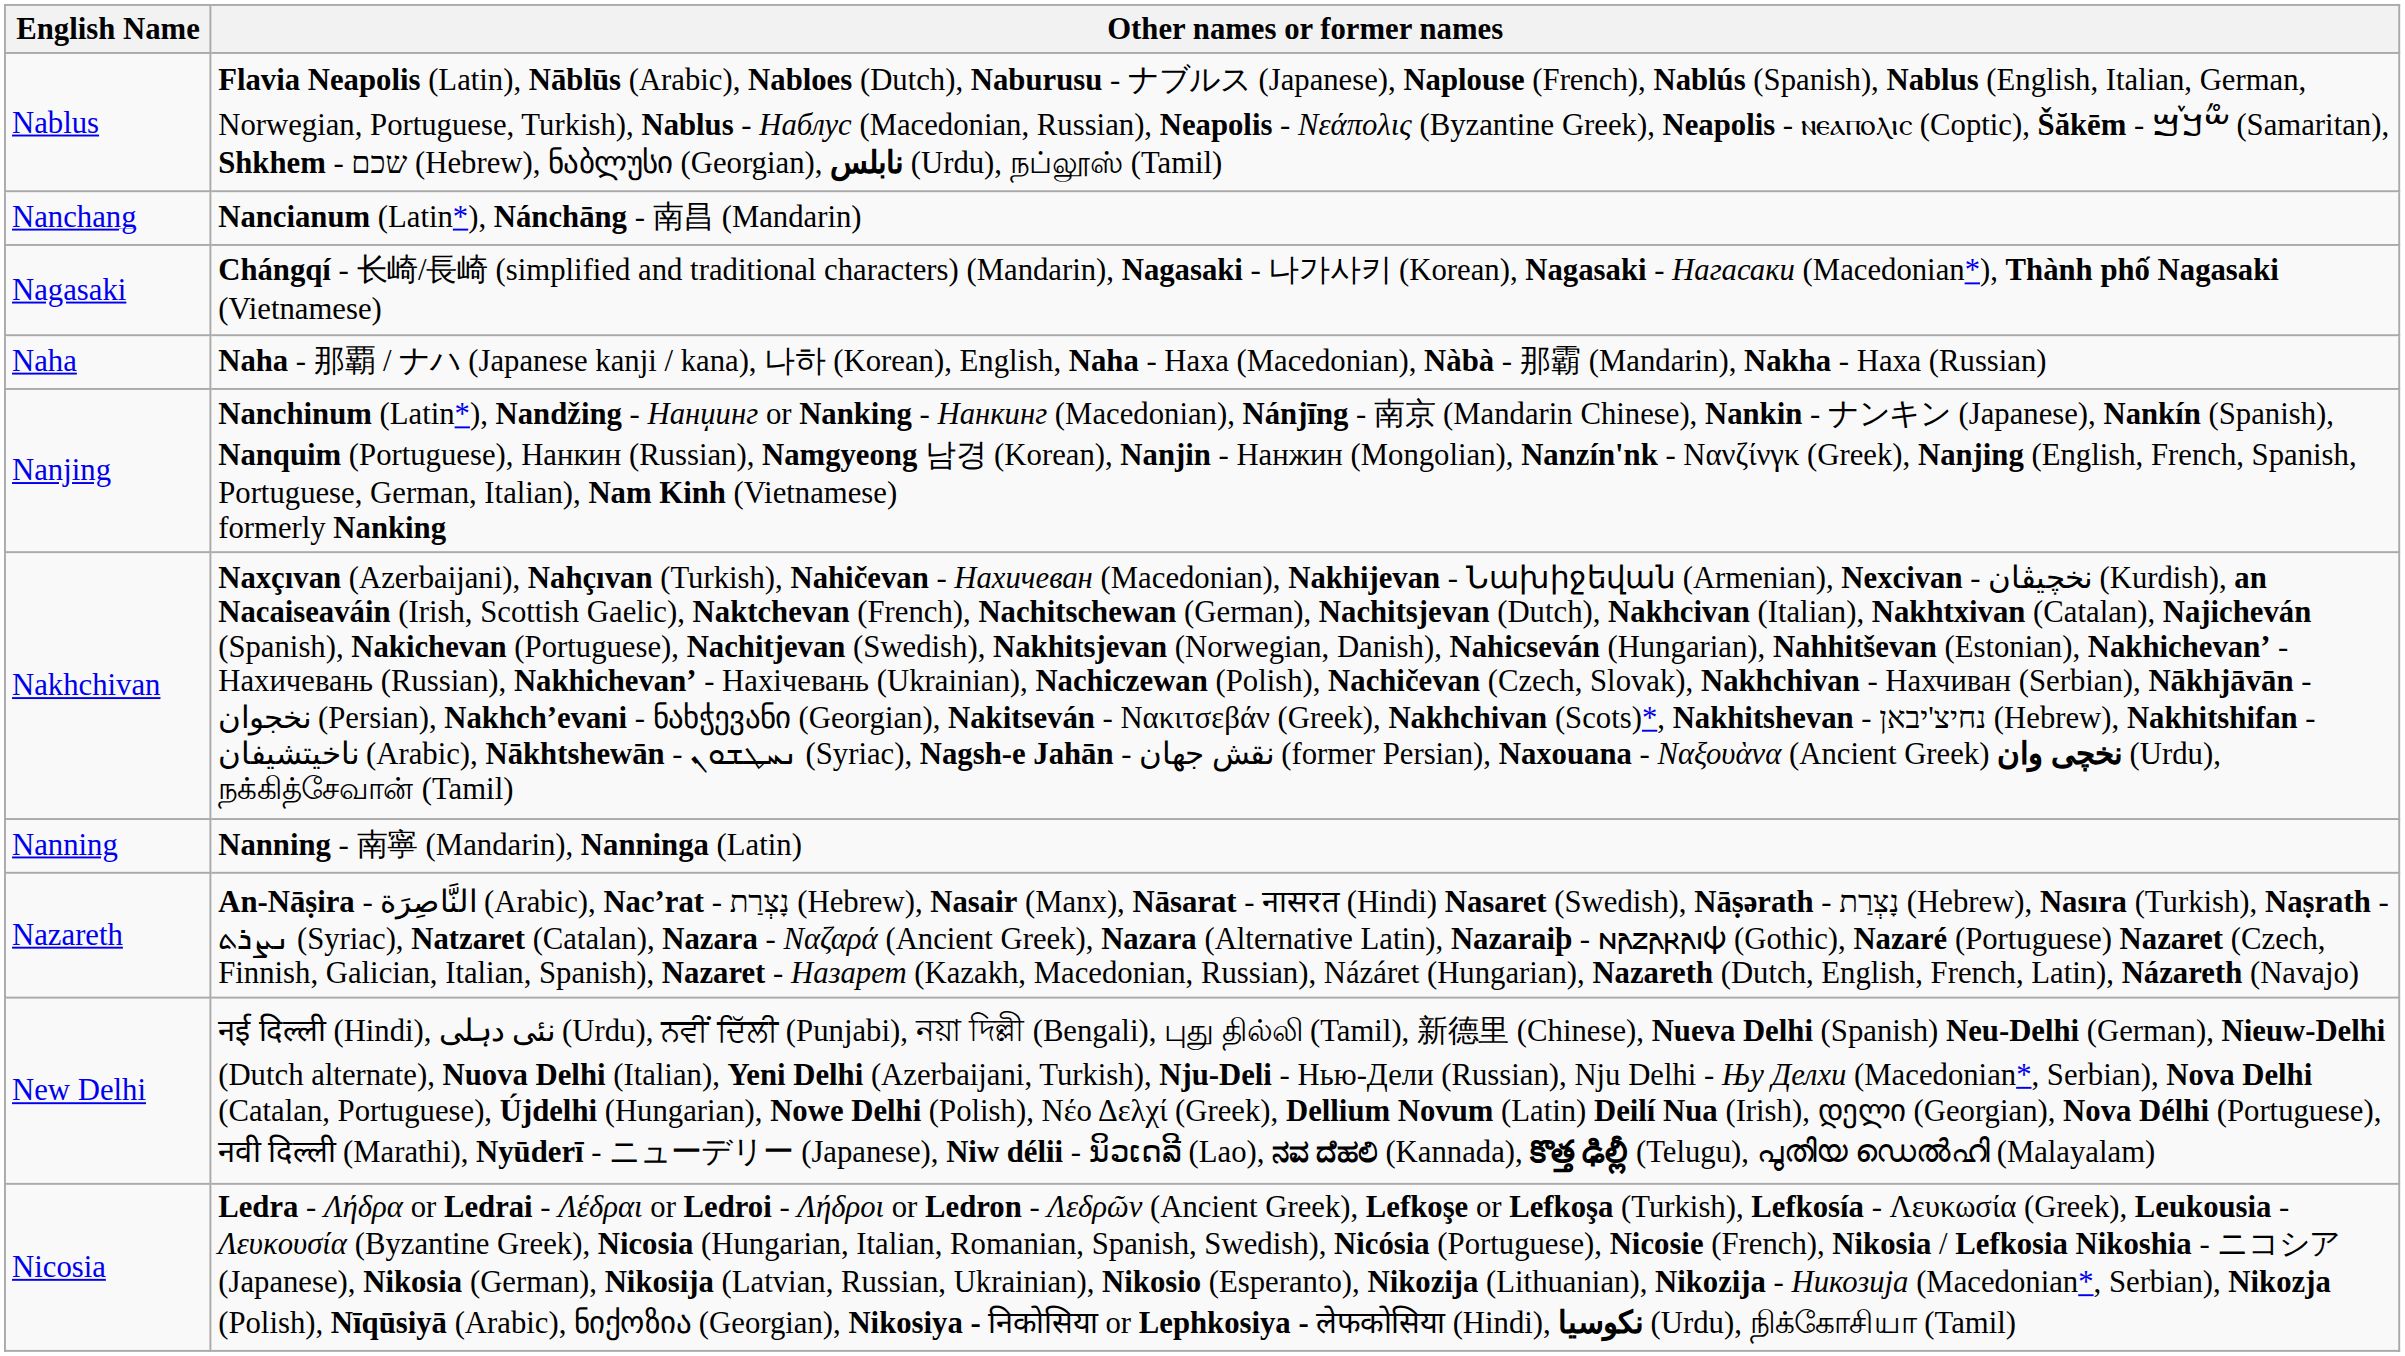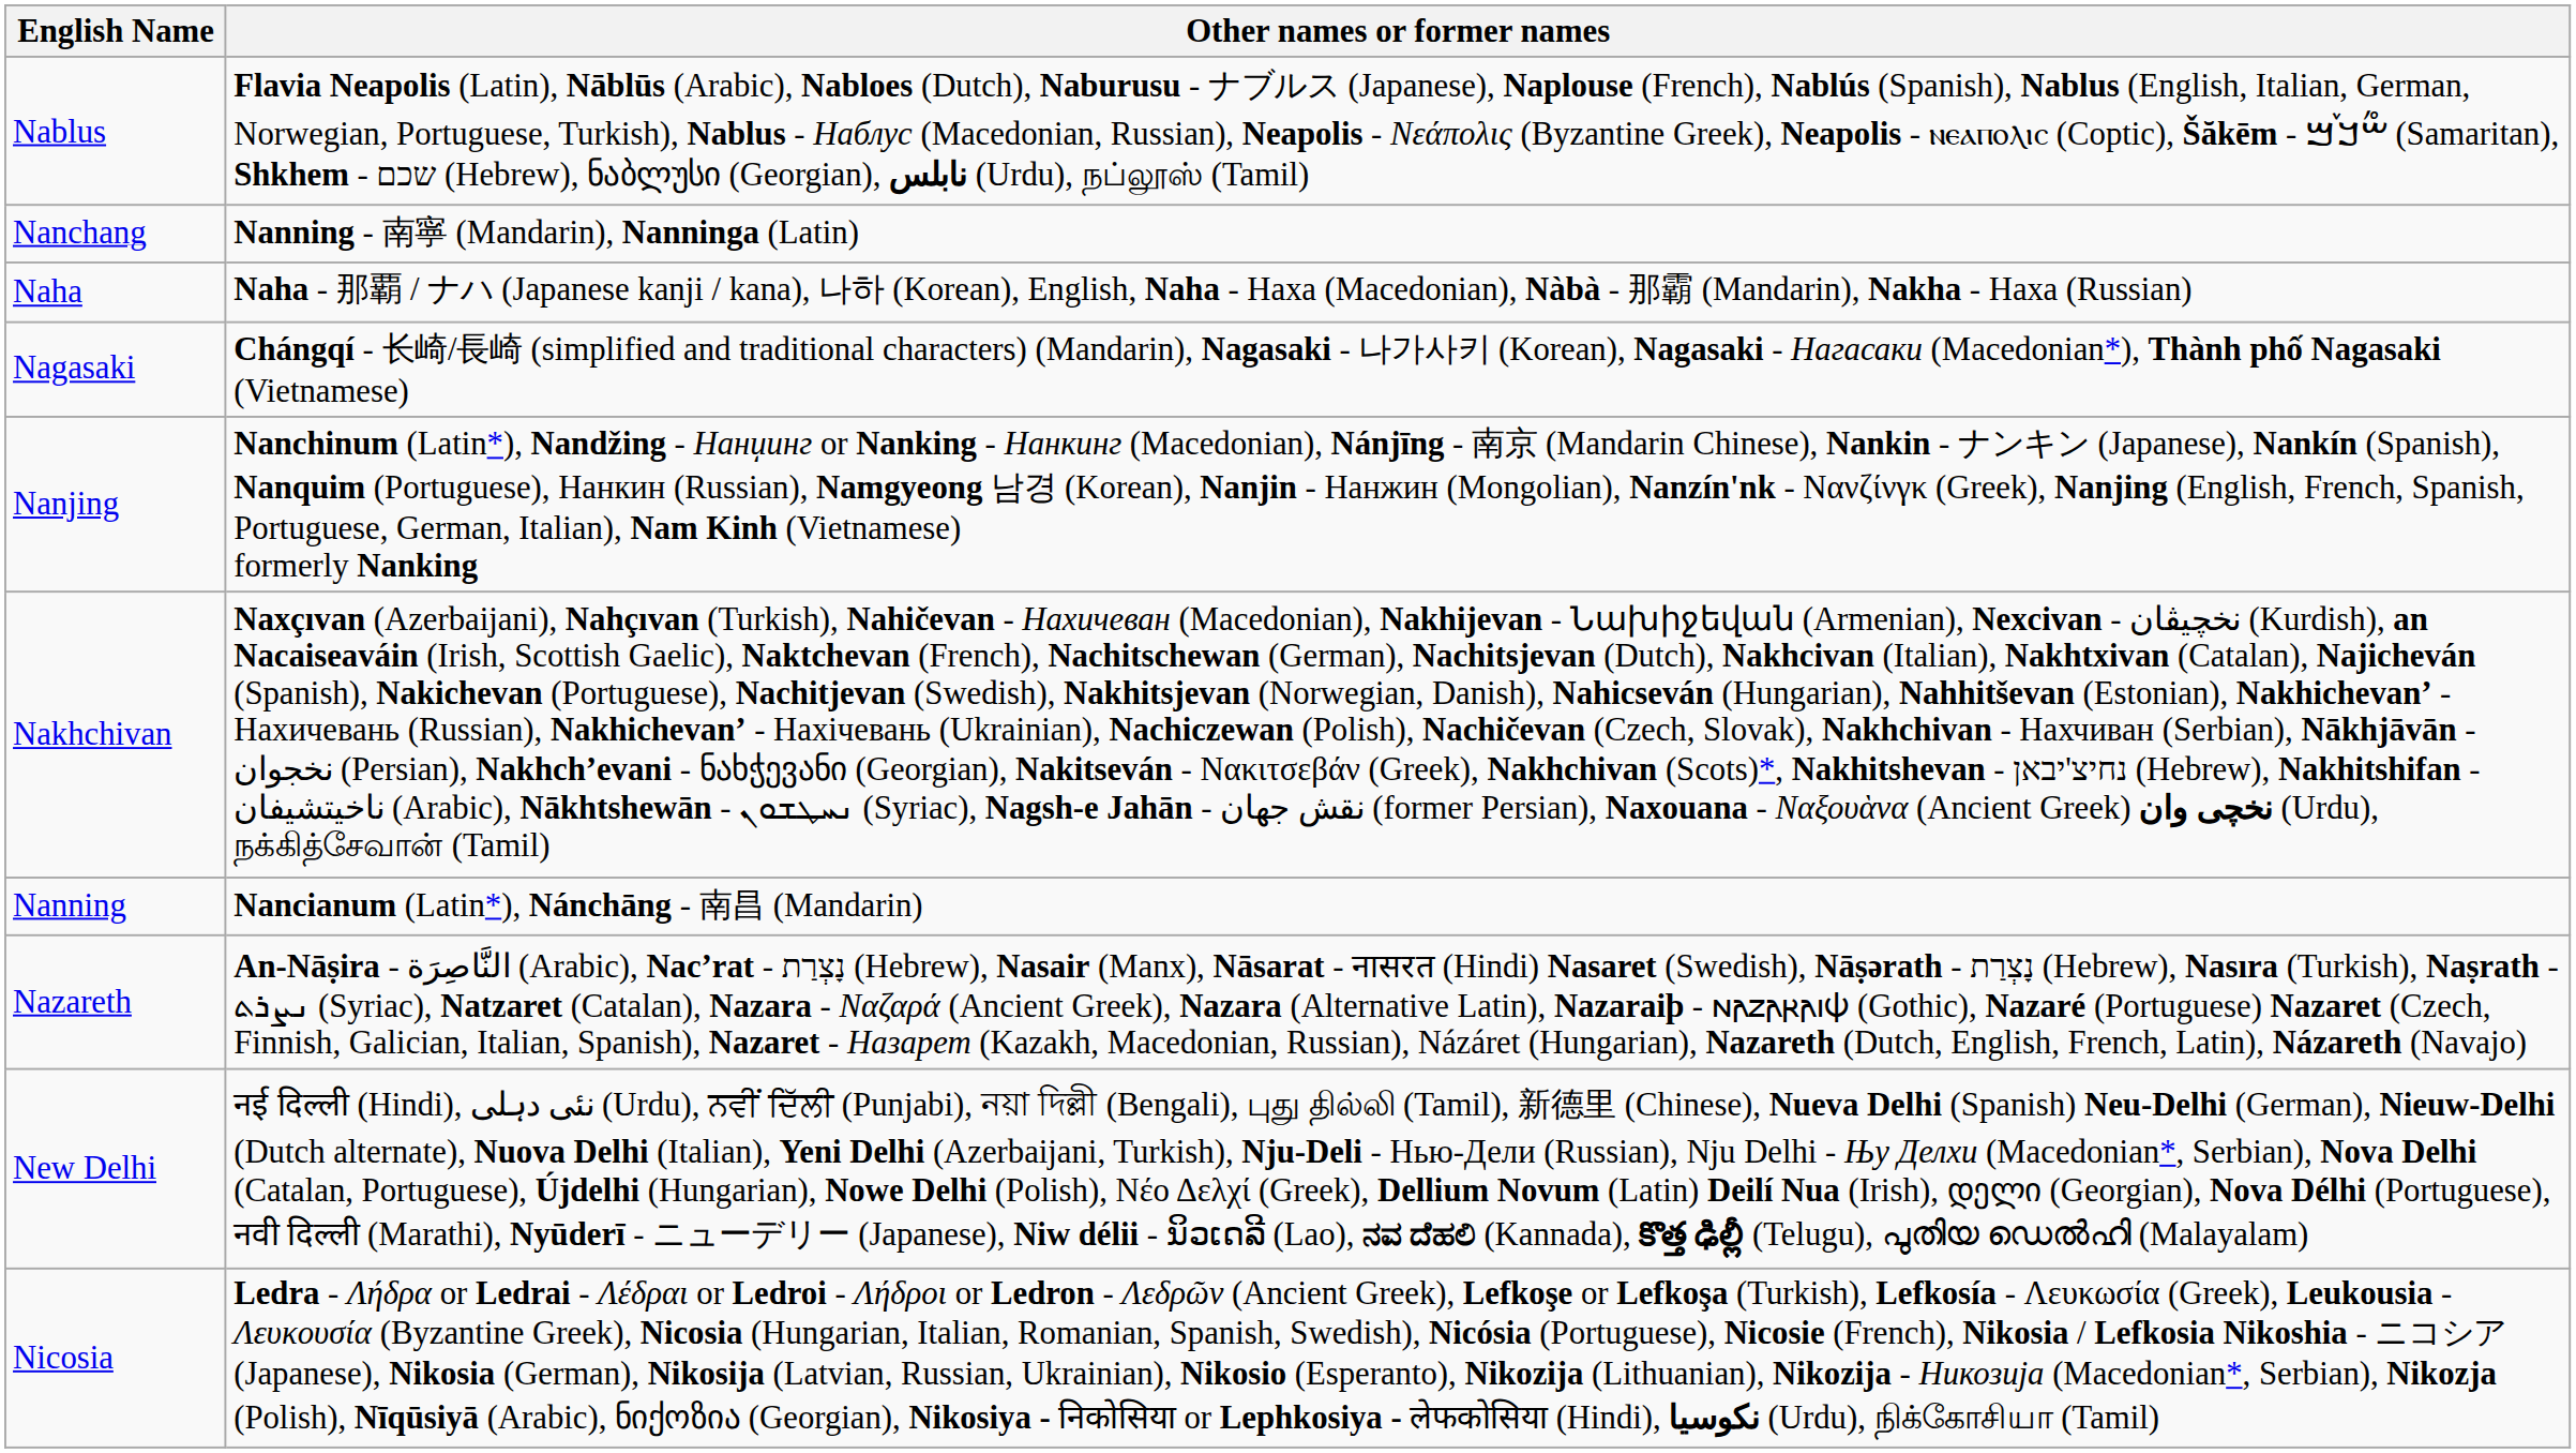 <table class="wikitable">
 <tr>
 <th style="width:100px;">English Name</th>
 <th>Other names or former names</th>
 </tr>
 <tr>
 <td> <a href='#'>Nablus</a></td>
 <td><strong>Flavia Neapolis</strong> (Latin), <strong>Nāblūs</strong> (Arabic), <strong>Nabloes</strong> (Dutch), <strong>Naburusu</strong> - ナブルス (Japanese), <strong>Naplouse</strong> (French), <strong>Nablús</strong> (Spanish), <strong>Nablus</strong> (English, Italian, German, Norwegian, Portuguese, Turkish), <strong>Nablus</strong> - <em>Наблус</em> (Macedonian, Russian),  <strong>Neapolis</strong> - <em>Νεάπολις</em> (Byzantine Greek), <strong>Neapolis</strong> - ⲛⲉⲁⲡⲟⲗⲓⲥ (Coptic), <strong>Šăkēm</strong> - ࠔࠬࠥࠊࠝࠌ (Samaritan), <strong>Shkhem</strong> - שכם (Hebrew), ნაბლუსი (Georgian), <strong>نابلس</strong> (Urdu), நப்லூஸ் (Tamil)</td>
 </tr>
 <tr>
 <td> <a href='#'>Nanchang</a></td>
-<td><strong>Nancianum</strong> (Latin<a href='#'>*</a>), <strong>Nánchāng</strong> - 南昌 (Mandarin)</td>
+<td><strong>Nanning</strong> - 南寧 (Mandarin), <strong>Nanninga</strong> (Latin)</td>
+</tr>
+<tr>
+<td> <a href='#'>Naha</a></td>
+<td><strong>Naha</strong> - 那覇 / ナハ (Japanese kanji / kana), 나하 (Korean), English, <strong>Naha</strong> - Наха (Macedonian), <strong>Nàbà</strong> - 那霸 (Mandarin), <strong>Nakha</strong> - Наха (Russian)</td>
 </tr>
 <tr>
 <td> <a href='#'>Nagasaki</a></td>
 <td><strong>Chángqí</strong> - 长崎/長崎 (simplified and traditional characters) (Mandarin), <strong>Nagasaki</strong> - 나가사키 (Korean), <strong>Nagasaki</strong> - <em>Нагасаки</em> (Macedonian<a href='#'>*</a>), <strong>Thành phố Nagasaki</strong> (Vietnamese)</td>
-</tr>
-<tr>
-<td> <a href='#'>Naha</a></td>
-<td><strong>Naha</strong> - 那覇 / ナハ (Japanese kanji / kana), 나하 (Korean), English, <strong>Naha</strong> - Наха (Macedonian), <strong>Nàbà</strong> - 那霸 (Mandarin), <strong>Nakha</strong> - Наха (Russian)</td>
 </tr>
 <tr>
 <td> <a href='#'>Nanjing</a></td>
 <td><strong>Nanchinum</strong> (Latin<a href='#'>*</a>), <strong>Nandžing</strong> - <em>Нанџинг</em> or <strong>Nanking</strong> - <em>Нанкинг</em> (Macedonian), <strong>Nánjīng</strong> - 南京 (Mandarin Chinese), <strong>Nankin</strong> - ナンキン (Japanese), <strong>Nankín</strong> (Spanish), <strong>Nanquim</strong> (Portuguese), Нанкин (Russian), <strong>Namgyeong</strong> 남경 (Korean), <strong>Nanjin</strong> - Нанжин (Mongolian), <strong>Nanzín'nk</strong> - Νανζίνγκ (Greek), <strong>Nanjing</strong> (English, French, Spanish, Portuguese, German, Italian), <strong>Nam Kinh</strong> (Vietnamese)<br>formerly <strong>Nanking</strong></td>
 </tr>
 <tr>
 <td> <a href='#'>Nakhchivan</a></td>
 <td><strong>Naxçıvan</strong> (Azerbaijani), <strong>Nahçıvan</strong> (Turkish), <strong>Nahičevan</strong> - <em>Нахичеван</em> (Macedonian), <strong>Nakhijevan</strong> - Նախիջեվան (Armenian), <strong>Nexcivan</strong> - نخچيڤان (Kurdish), <strong>an Nacaiseaváin</strong> (Irish, Scottish Gaelic), <strong>Naktchevan</strong> (French), <strong>Nachitschewan</strong> (German), <strong>Nachitsjevan</strong> (Dutch), <strong>Nakhcivan</strong> (Italian), <strong>Nakhtxivan</strong> (Catalan), <strong>Najicheván</strong> (Spanish), <strong>Nakichevan</strong> (Portuguese), <strong>Nachitjevan</strong> (Swedish), <strong>Nakhitsjevan</strong> (Norwegian, Danish), <strong>Nahicseván</strong> (Hungarian), <strong>Nahhitševan</strong> (Estonian), <strong>Nakhichevanʼ</strong> - Нахичевань (Russian), <strong>Nakhichevanʼ</strong> - Нахічевань (Ukrainian), <strong>Nachiczewan</strong> (Polish), <strong>Nachičevan</strong> (Czech, Slovak), <strong>Nakhchivan</strong> - Нахчиван (Serbian), <strong>Nākhjāvān</strong> - نخجوان (Persian), <strong>Nakhchʼevani</strong> - ნახჭევანი (Georgian), <strong>Nakitseván</strong> - Νακιτσεβάν (Greek), <strong>Nakhchivan</strong> (Scots)<a href='#'>*</a>, <strong>Nakhitshevan</strong> - נחיצ'יבאן (Hebrew), <strong>Nakhitshifan</strong> - ناخيتشيفان (Arabic), <strong>Nākhtshewān</strong> - ܢܚܛܫܘܢ (Syriac), <strong>Nagsh-e Jahān</strong> - نقش جهان (former Persian), <strong>Naxouana</strong> - <em>Ναξουὰνα</em> (Ancient Greek) <strong>نخچی وان</strong> (Urdu), நக்கித்சேவான் (Tamil)</td>
 </tr>
 <tr>
 <td> <a href='#'>Nanning</a></td>
-<td><strong>Nanning</strong> - 南寧 (Mandarin), <strong>Nanninga</strong> (Latin)</td>
+<td><strong>Nancianum</strong> (Latin<a href='#'>*</a>), <strong>Nánchāng</strong> - 南昌 (Mandarin)</td>
 </tr>
 <tr>
 <td> <a href='#'>Nazareth</a></td>
 <td><strong>An-Nāṣira</strong> - النَّاصِرَة (Arabic), <strong>Nac’rat</strong> - נָצְרַת (Hebrew), <strong>Nasair</strong> (Manx), <strong>Nāsarat</strong> - नासरत (Hindi) <strong>Nasaret</strong> (Swedish), <strong>Nāṣərath</strong> - נָצְרַת‎ (Hebrew), <strong>Nasıra</strong> (Turkish), <strong>Naṣrath</strong> - ܢܨܪܬ (Syriac), <strong>Natzaret</strong> (Catalan), <strong>Nazara</strong> - <em>Ναζαρά</em> (Ancient Greek), <strong>Nazara</strong> (Alternative Latin), <strong>Nazaraiþ</strong> -  𐌽𐌰𐌶𐌰𐍂𐌰𐌹𐌸 (Gothic), <strong>Nazaré</strong> (Portuguese) <strong>Nazaret</strong> (Czech, Finnish, Galician, Italian, Spanish), <strong>Nazaret</strong> - <em>Назарет</em> (Kazakh, Macedonian, Russian), Názáret (Hungarian), <strong>Nazareth</strong> (Dutch, English, French, Latin), <strong>Názareth</strong> (Navajo)</td>
 </tr>
 <tr>
 <td> <a href='#'>New Delhi</a></td>
 <td>नई दिल्ली (Hindi), نئی دہلی (Urdu), ਨਵੀਂ ਦਿੱਲੀ (Punjabi), নয়া দিল্লী (Bengali), புது தில்லி (Tamil), 新德里 (Chinese), <strong>Nueva Delhi</strong> (Spanish) <strong>Neu-Delhi</strong> (German), <strong>Nieuw-Delhi</strong> (Dutch alternate), <strong>Nuova Delhi</strong> (Italian), <strong>Yeni Delhi</strong> (Azerbaijani, Turkish), <strong>Nju-Deli</strong> - Нью-Дели (Russian), Nju Delhi - <em>Њу Делхи</em> (Macedonian<a href='#'>*</a>, Serbian), <strong>Nova Delhi</strong> (Catalan, Portuguese), <strong>Újdelhi</strong> (Hungarian), <strong>Nowe Delhi</strong> (Polish), Νέο Δελχί (Greek), <strong>Dellium Novum</strong> (Latin) <strong>Deilí Nua</strong> (Irish), დელი (Georgian), <strong>Nova Délhi</strong> (Portuguese), नवी दिल्ली (Marathi), <strong>Nyūderī</strong> - ニューデリー (Japanese), <strong>Niw délii</strong> - ນິວເດລີ  (Lao), <strong>ನವ ದೆಹಲಿ</strong> (Kannada), <strong>కొత్త ఢిల్లీ</strong> (Telugu), പുതിയ ഡെൽഹി (Malayalam)</td>
 </tr>
 <tr>
 <td> <a href='#'>Nicosia</a></td>
 <td><strong>Ledra</strong> - <em>Λήδρα</em> or <strong>Ledrai</strong> - <em>Λέδραι</em> or <strong>Ledroi</strong> - <em>Λήδροι</em> or <strong>Ledron</strong> - <em>Λεδρῶν</em> (Ancient Greek), <strong>Lefkoşe</strong> or <strong>Lefkoşa</strong> (Turkish), <strong>Lefkosía</strong> - Λευκωσία (Greek), <strong>Leukousia</strong> - <em>Λευκουσία</em> (Byzantine Greek), <strong>Nicosia</strong> (Hungarian, Italian, Romanian, Spanish, Swedish), <strong>Nicósia</strong> (Portuguese), <strong>Nicosie</strong> (French), <strong>Nikosia</strong> / <strong>Lefkosia</strong> <strong>Nikoshia</strong> - ニコシア (Japanese), <strong>Nikosia</strong> (German), <strong>Nikosija</strong> (Latvian, Russian, Ukrainian), <strong>Nikosio</strong> (Esperanto), <strong>Nikozija</strong> (Lithuanian), <strong>Nikozija</strong> - <em>Никозија</em> (Macedonian<a href='#'>*</a>, Serbian), <strong>Nikozja</strong> (Polish), <strong>Nīqūsiyā</strong> (Arabic), ნიქოზია (Georgian), <strong>Nikosiya -</strong> निकोसिया or <strong>Lephkosiya -</strong> लेफकोसिया (Hindi), <strong> نکوسیا</strong> (Urdu), நிக்கோசியா (Tamil)</td>
 </tr>
 </table>
